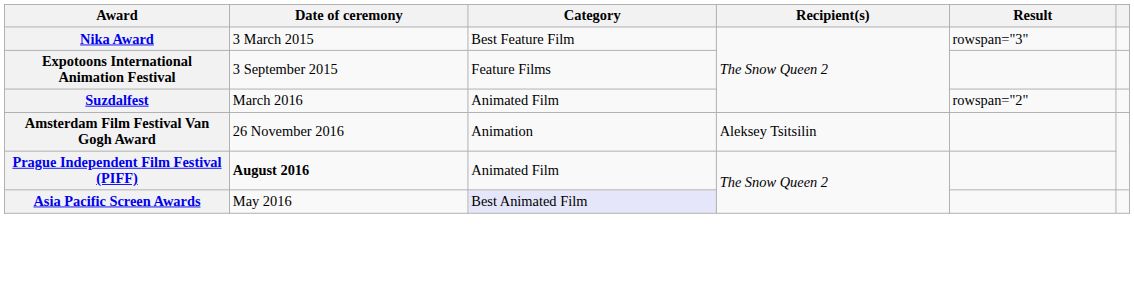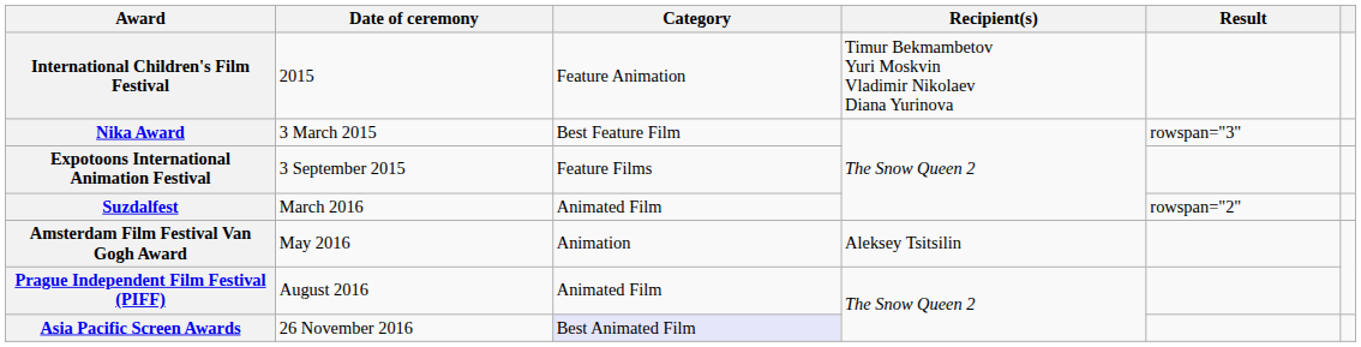 <table class="wikitable sortable plainrowheaders" style="width: 99%">
 <tr>
 <th scope="col" style="width:20%;">Award</th>
 <th scope="col">Date of ceremony</th>
 <th scope="col">Category</th>
 <th scope="col">Recipient(s)</th>
 <th scope="col">Result</th>
 <th scope="col" class="unsortable"></th>
+</tr>
+<tr>
+<th scope="row" style="text-align:center;">International Children's Film Festival</th>
+<td>2015</td>
+<td>Feature Animation</td>
+<td>Timur Bekmambetov<br>Yuri Moskvin<br>Vladimir Nikolaev<br>Diana Yurinova</td>
+<td></td>
+<td style="text-align:center;"></td>
 </tr>
 <tr>
 <th rowspan="1" scope="row" style="text-align:center;"><a href='#'>Nika Award</a></th>
 <td rowspan="1">3 March 2015</td>
 <td>Best Feature Film</td>
 <td rowspan="3"><em>The Snow Queen 2</em></td>
 <td>rowspan="3"</td>
 <td style="text-align:center;"></td>
 </tr>
 <tr>
 <th rowspan="1" scope="row" style="text-align:center;">Expotoons International Animation Festival</th>
 <td rowspan="1">3 September 2015</td>
 <td>Feature Films</td>
 <td style="text-align:center;"></td>
 </tr>
 <tr>
 <th rowspan="1" scope="row" style="text-align:center;"><a href='#'>Suzdalfest</a></th>
 <td rowspan="1">March 2016</td>
 <td>Animated Film</td>
 <td>rowspan="2"</td>
 <td style="text-align:center;"></td>
 </tr>
 <tr>
 <th scope="row" style="text-align:center;">Amsterdam Film Festival Van Gogh Award</th>
-<td>26 November 2016</td>
+<td>May 2016</td>
 <td>Animation</td>
 <td>Aleksey Tsitsilin</td>
 <td style="text-align:center;"></td>
 </tr>
 <tr>
 <th scope="row" style="text-align:center;"><a href='#'>Prague Independent Film Festival (PIFF)</a></th>
-<td><strong>August 2016</strong></td>
+<td>August 2016</td>
 <td>Animated Film</td>
 <td rowspan="2"><em>The Snow Queen 2</em></td>
 <td style="text-align:center;"></td>
 </tr>
 <tr>
 <th scope="row" style="text-align:center;"><a href='#'>Asia Pacific Screen Awards</a></th>
-<td>May 2016</td>
+<td>26 November 2016</td>
 <td style="background: lavender;">Best Animated Film</td>
 <td></td>
 <td style="text-align:center;"></td>
 </tr>
 </table>
